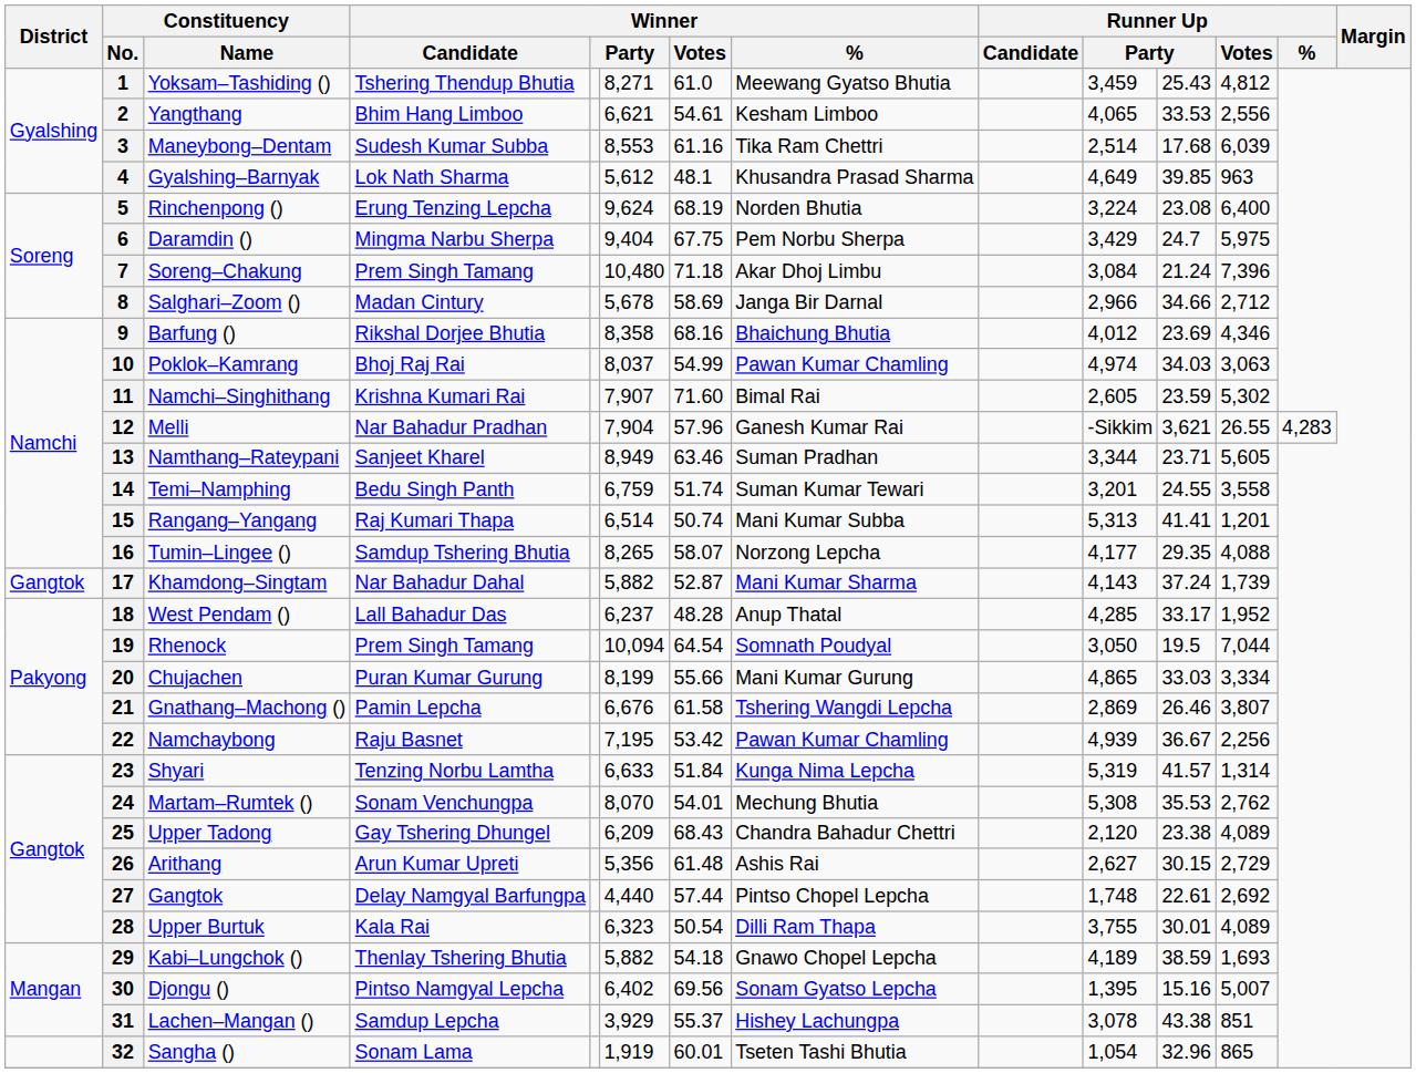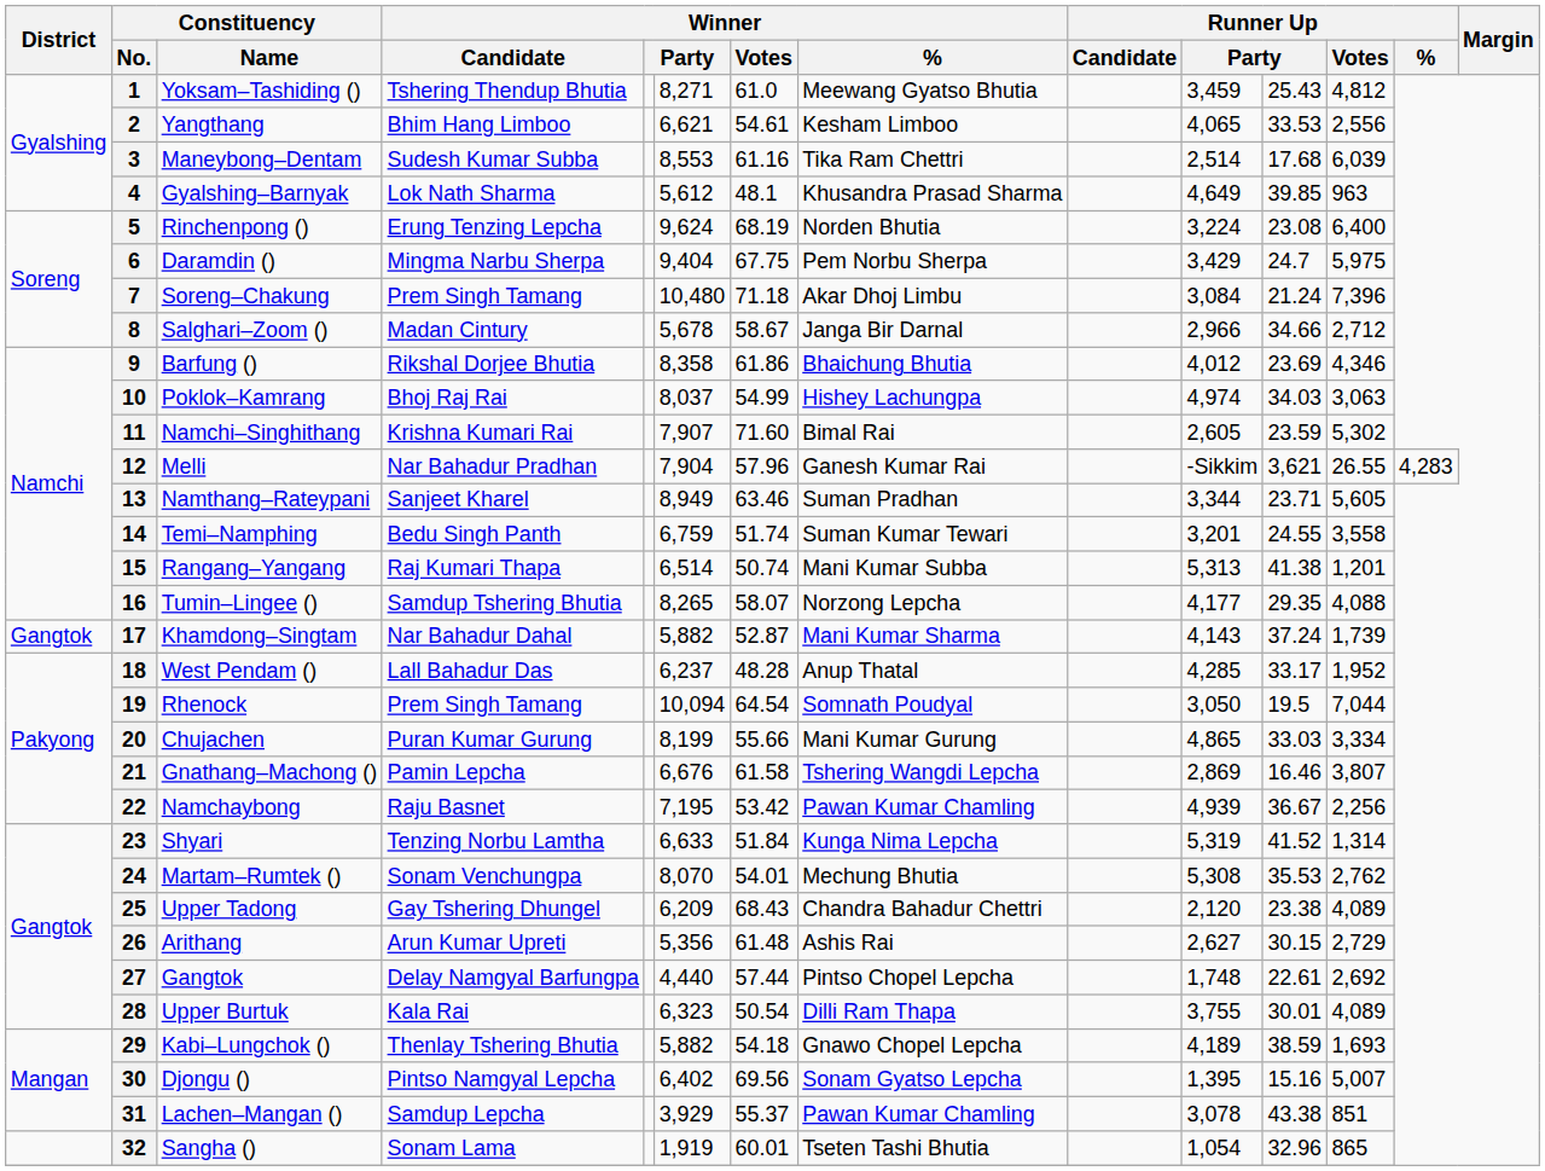 <table class="sortable wikitable defaultleft" style="font-size: 90%">
 <tr>
 <th rowspan="2">District</th>
 <th colspan="2">Constituency</th>
 <th colspan="5">Winner</th>
 <th colspan="5">Runner Up</th>
 <th rowspan="2">Margin</th>
 </tr>
 <tr>
 <th>No.</th>
 <th>Name</th>
 <th>Candidate</th>
 <th colspan="2">Party</th>
 <th>Votes</th>
 <th>%</th>
 <th>Candidate</th>
 <th colspan="2">Party</th>
 <th>Votes</th>
 <th>%</th>
 </tr>
 <tr>
 <td rowspan="4"><a href='#'>Gyalshing</a></td>
 <th>1</th>
 <td><a href='#'>Yoksam–Tashiding</a> ()</td>
 <td><a href='#'>Tshering Thendup Bhutia</a></td>
 <td></td>
 <td>8,271</td>
 <td>61.0</td>
 <td>Meewang Gyatso Bhutia</td>
 <td></td>
 <td>3,459</td>
 <td>25.43</td>
 <td style="background:">4,812</td>
 </tr>
 <tr>
 <th>2</th>
 <td><a href='#'>Yangthang</a></td>
 <td><a href='#'>Bhim Hang Limboo</a></td>
 <td></td>
 <td>6,621</td>
 <td>54.61</td>
 <td>Kesham Limboo</td>
 <td></td>
 <td>4,065</td>
 <td>33.53</td>
 <td style="background:">2,556</td>
 </tr>
 <tr>
 <th>3</th>
 <td><a href='#'>Maneybong–Dentam</a></td>
 <td><a href='#'>Sudesh Kumar Subba</a></td>
 <td></td>
 <td>8,553</td>
 <td>61.16</td>
 <td>Tika Ram Chettri</td>
 <td></td>
 <td>2,514</td>
 <td>17.68</td>
 <td style="background:">6,039</td>
 </tr>
 <tr>
 <th>4</th>
 <td><a href='#'>Gyalshing–Barnyak</a></td>
 <td><a href='#'>Lok Nath Sharma</a></td>
 <td></td>
 <td>5,612</td>
 <td>48.1</td>
 <td>Khusandra Prasad Sharma</td>
 <td></td>
 <td>4,649</td>
 <td>39.85</td>
 <td style="background:">963</td>
 </tr>
 <tr>
 <td rowspan="4"><a href='#'>Soreng</a></td>
 <th>5</th>
 <td><a href='#'>Rinchenpong</a> ()</td>
 <td><a href='#'>Erung Tenzing Lepcha</a></td>
 <td></td>
 <td>9,624</td>
 <td>68.19</td>
 <td>Norden Bhutia</td>
 <td></td>
 <td>3,224</td>
 <td>23.08</td>
 <td style="background:">6,400</td>
 </tr>
 <tr>
 <th>6</th>
 <td><a href='#'>Daramdin</a> ()</td>
 <td><a href='#'>Mingma Narbu Sherpa</a></td>
 <td></td>
 <td>9,404</td>
 <td>67.75</td>
 <td>Pem Norbu Sherpa</td>
 <td></td>
 <td>3,429</td>
 <td>24.7</td>
 <td style="background:">5,975</td>
 </tr>
 <tr>
 <th>7</th>
 <td><a href='#'>Soreng–Chakung</a></td>
 <td><a href='#'>Prem Singh Tamang</a></td>
 <td></td>
 <td>10,480</td>
 <td>71.18</td>
 <td>Akar Dhoj Limbu</td>
 <td></td>
 <td>3,084</td>
 <td>21.24</td>
 <td style="background:">7,396</td>
 </tr>
 <tr>
 <th>8</th>
 <td><a href='#'>Salghari–Zoom</a> ()</td>
 <td><a href='#'>Madan Cintury</a></td>
 <td></td>
 <td>5,678</td>
-<td>58.69</td>
+<td>58.67</td>
 <td>Janga Bir Darnal</td>
 <td></td>
 <td>2,966</td>
 <td>34.66</td>
 <td style="background:">2,712</td>
 </tr>
 <tr>
 <td rowspan="8"><a href='#'>Namchi</a></td>
 <th>9</th>
 <td><a href='#'>Barfung</a> ()</td>
 <td><a href='#'>Rikshal Dorjee Bhutia</a></td>
 <td></td>
 <td>8,358</td>
-<td>68.16</td>
+<td>61.86</td>
 <td><a href='#'>Bhaichung Bhutia</a></td>
 <td></td>
 <td>4,012</td>
 <td>23.69</td>
 <td style="background:">4,346</td>
 </tr>
 <tr>
 <th>10</th>
 <td><a href='#'>Poklok–Kamrang</a></td>
 <td><a href='#'>Bhoj Raj Rai</a></td>
 <td></td>
 <td>8,037</td>
 <td>54.99</td>
-<td><a href='#'>Pawan Kumar Chamling</a></td>
+<td><a href='#'>Hishey Lachungpa</a></td>
 <td></td>
 <td>4,974</td>
 <td>34.03</td>
 <td style="background:">3,063</td>
 </tr>
 <tr>
 <th>11</th>
 <td><a href='#'>Namchi–Singhithang</a></td>
 <td><a href='#'>Krishna Kumari Rai</a></td>
 <td></td>
 <td>7,907</td>
 <td>71.60</td>
 <td>Bimal Rai</td>
 <td></td>
 <td>2,605</td>
 <td>23.59</td>
 <td style="background:">5,302</td>
 </tr>
 <tr>
 <th>12</th>
 <td><a href='#'>Melli</a></td>
 <td><a href='#'>Nar Bahadur Pradhan</a></td>
 <td></td>
 <td>7,904</td>
 <td>57.96</td>
 <td>Ganesh Kumar Rai</td>
 <td></td>
 <td>-Sikkim</td>
 <td>3,621</td>
 <td>26.55</td>
 <td style="background:">4,283</td>
 </tr>
 <tr>
 <th>13</th>
 <td><a href='#'>Namthang–Rateypani</a></td>
 <td><a href='#'>Sanjeet Kharel</a></td>
 <td></td>
 <td>8,949</td>
 <td>63.46</td>
 <td>Suman Pradhan</td>
 <td></td>
 <td>3,344</td>
 <td>23.71</td>
 <td style="background:">5,605</td>
 </tr>
 <tr>
 <th>14</th>
 <td><a href='#'>Temi–Namphing</a></td>
 <td><a href='#'>Bedu Singh Panth</a></td>
 <td></td>
 <td>6,759</td>
 <td>51.74</td>
 <td>Suman Kumar Tewari</td>
 <td></td>
 <td>3,201</td>
 <td>24.55</td>
 <td style="background:">3,558</td>
 </tr>
 <tr>
 <th>15</th>
 <td><a href='#'>Rangang–Yangang</a></td>
 <td><a href='#'>Raj Kumari Thapa</a></td>
 <td></td>
 <td>6,514</td>
 <td>50.74</td>
 <td>Mani Kumar Subba</td>
 <td></td>
 <td>5,313</td>
-<td>41.41</td>
+<td>41.38</td>
 <td style="background:">1,201</td>
 </tr>
 <tr>
 <th>16</th>
 <td><a href='#'>Tumin–Lingee</a> ()</td>
 <td><a href='#'>Samdup Tshering Bhutia</a></td>
 <td></td>
 <td>8,265</td>
 <td>58.07</td>
 <td>Norzong Lepcha</td>
 <td></td>
 <td>4,177</td>
 <td>29.35</td>
 <td style="background:">4,088</td>
 </tr>
 <tr>
 <td rowspan="1"><a href='#'>Gangtok</a></td>
 <th>17</th>
 <td><a href='#'>Khamdong–Singtam</a></td>
 <td><a href='#'>Nar Bahadur Dahal</a></td>
 <td></td>
 <td>5,882</td>
 <td>52.87</td>
 <td><a href='#'>Mani Kumar Sharma</a></td>
 <td></td>
 <td>4,143</td>
 <td>37.24</td>
 <td style="background:">1,739</td>
 </tr>
 <tr>
 <td rowspan="5"><a href='#'>Pakyong</a></td>
 <th>18</th>
 <td><a href='#'>West Pendam</a> ()</td>
 <td><a href='#'>Lall Bahadur Das</a></td>
 <td></td>
 <td>6,237</td>
 <td>48.28</td>
 <td>Anup Thatal</td>
 <td></td>
 <td>4,285</td>
 <td>33.17</td>
 <td style="background:">1,952</td>
 </tr>
 <tr>
 <th>19</th>
 <td><a href='#'>Rhenock</a></td>
 <td><a href='#'>Prem Singh Tamang</a></td>
 <td></td>
 <td>10,094</td>
 <td>64.54</td>
 <td><a href='#'>Somnath Poudyal</a></td>
 <td></td>
 <td>3,050</td>
 <td>19.5</td>
 <td style="background:">7,044</td>
 </tr>
 <tr>
 <th>20</th>
 <td><a href='#'>Chujachen</a></td>
 <td><a href='#'>Puran Kumar Gurung</a></td>
 <td></td>
 <td>8,199</td>
 <td>55.66</td>
 <td>Mani Kumar Gurung</td>
 <td></td>
 <td>4,865</td>
 <td>33.03</td>
 <td style="background:">3,334</td>
 </tr>
 <tr>
 <th>21</th>
 <td><a href='#'>Gnathang–Machong</a> ()</td>
 <td><a href='#'>Pamin Lepcha</a></td>
 <td></td>
 <td>6,676</td>
 <td>61.58</td>
 <td><a href='#'>Tshering Wangdi Lepcha</a></td>
 <td></td>
 <td>2,869</td>
-<td>26.46</td>
+<td>16.46</td>
 <td style="background:">3,807</td>
 </tr>
 <tr>
 <th>22</th>
 <td><a href='#'>Namchaybong</a></td>
 <td><a href='#'>Raju Basnet</a></td>
 <td></td>
 <td>7,195</td>
 <td>53.42</td>
 <td><a href='#'>Pawan Kumar Chamling</a></td>
 <td></td>
 <td>4,939</td>
 <td>36.67</td>
 <td style="background:">2,256</td>
 </tr>
 <tr>
 <td rowspan="6"><a href='#'>Gangtok</a></td>
 <th>23</th>
 <td><a href='#'>Shyari</a></td>
 <td><a href='#'>Tenzing Norbu Lamtha</a></td>
 <td></td>
 <td>6,633</td>
 <td>51.84</td>
 <td><a href='#'>Kunga Nima Lepcha</a></td>
 <td></td>
 <td>5,319</td>
-<td>41.57</td>
+<td>41.52</td>
 <td style="background:">1,314</td>
 </tr>
 <tr>
 <th>24</th>
 <td><a href='#'>Martam–Rumtek</a> ()</td>
 <td><a href='#'>Sonam Venchungpa</a></td>
 <td></td>
 <td>8,070</td>
 <td>54.01</td>
 <td>Mechung Bhutia</td>
 <td></td>
 <td>5,308</td>
 <td>35.53</td>
 <td style="background:">2,762</td>
 </tr>
 <tr>
 <th>25</th>
 <td><a href='#'>Upper Tadong</a></td>
 <td><a href='#'>Gay Tshering Dhungel</a></td>
 <td></td>
 <td>6,209</td>
 <td>68.43</td>
 <td>Chandra Bahadur Chettri</td>
 <td></td>
 <td>2,120</td>
 <td>23.38</td>
 <td style="background:">4,089</td>
 </tr>
 <tr>
 <th>26</th>
 <td><a href='#'>Arithang</a></td>
 <td><a href='#'>Arun Kumar Upreti</a></td>
 <td></td>
 <td>5,356</td>
 <td>61.48</td>
 <td>Ashis Rai</td>
 <td></td>
 <td>2,627</td>
 <td>30.15</td>
 <td style="background:">2,729</td>
 </tr>
 <tr>
 <th>27</th>
 <td><a href='#'>Gangtok</a></td>
 <td><a href='#'>Delay Namgyal Barfungpa</a></td>
 <td></td>
 <td>4,440</td>
 <td>57.44</td>
 <td>Pintso Chopel Lepcha</td>
 <td></td>
 <td>1,748</td>
 <td>22.61</td>
 <td style="background:">2,692</td>
 </tr>
 <tr>
 <th>28</th>
 <td><a href='#'>Upper Burtuk</a></td>
 <td><a href='#'>Kala Rai</a></td>
 <td></td>
 <td>6,323</td>
 <td>50.54</td>
 <td><a href='#'>Dilli Ram Thapa</a></td>
 <td></td>
 <td>3,755</td>
 <td>30.01</td>
 <td style="background:">4,089</td>
 </tr>
 <tr>
 <td rowspan="3"><a href='#'>Mangan</a></td>
 <th>29</th>
 <td><a href='#'>Kabi–Lungchok</a> ()</td>
 <td><a href='#'>Thenlay Tshering Bhutia</a></td>
 <td></td>
 <td>5,882</td>
 <td>54.18</td>
 <td>Gnawo Chopel Lepcha</td>
 <td></td>
 <td>4,189</td>
 <td>38.59</td>
 <td style="background:">1,693</td>
 </tr>
 <tr>
 <th>30</th>
 <td><a href='#'>Djongu</a> ()</td>
 <td><a href='#'>Pintso Namgyal Lepcha</a></td>
 <td></td>
 <td>6,402</td>
 <td>69.56</td>
 <td><a href='#'>Sonam Gyatso Lepcha</a></td>
 <td></td>
 <td>1,395</td>
 <td>15.16</td>
 <td style="background:">5,007</td>
 </tr>
 <tr>
 <th>31</th>
 <td><a href='#'>Lachen–Mangan</a> ()</td>
 <td><a href='#'>Samdup Lepcha</a></td>
 <td></td>
 <td>3,929</td>
 <td>55.37</td>
-<td><a href='#'>Hishey Lachungpa</a></td>
+<td><a href='#'>Pawan Kumar Chamling</a></td>
 <td></td>
 <td>3,078</td>
 <td>43.38</td>
 <td style="background:">851</td>
 </tr>
 <tr>
 <td></td>
 <th>32</th>
 <td><a href='#'>Sangha</a> ()</td>
 <td><a href='#'>Sonam Lama</a></td>
 <td></td>
 <td>1,919</td>
 <td>60.01</td>
 <td>Tseten Tashi Bhutia</td>
 <td></td>
 <td>1,054</td>
 <td>32.96</td>
 <td style="background:">865</td>
 </tr>
 <tr>
 </tr>
 </table>
